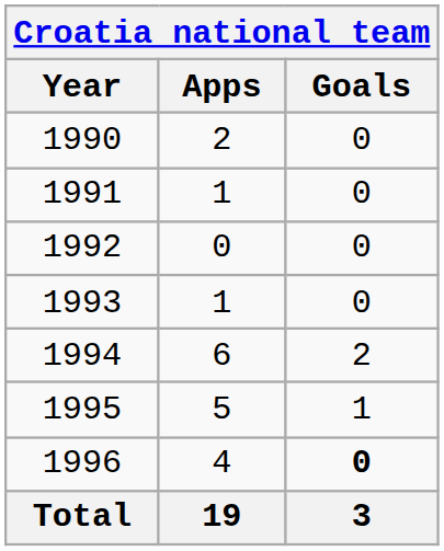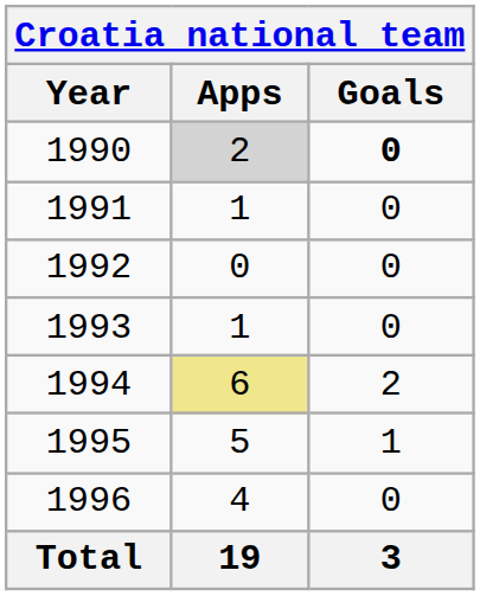 <table class="wikitable" style="text-align:center">
 <tr>
 <th colspan=3><a href='#'>Croatia national team</a></th>
 </tr>
 <tr>
 <th>Year</th>
 <th>Apps</th>
 <th>Goals</th>
 </tr>
 <tr>
 <td>1990</td>
-<td>2</td>
-<td>0</td>
+<td style="background: lightgrey;">2</td>
+<td><strong>0</strong></td>
 </tr>
 <tr>
 <td>1991</td>
 <td>1</td>
 <td>0</td>
 </tr>
 <tr>
 <td>1992</td>
 <td>0</td>
 <td>0</td>
 </tr>
 <tr>
 <td>1993</td>
 <td>1</td>
 <td>0</td>
 </tr>
 <tr>
 <td>1994</td>
-<td>6</td>
+<td style="background: khaki;">6</td>
 <td>2</td>
 </tr>
 <tr>
 <td>1995</td>
 <td>5</td>
 <td>1</td>
 </tr>
 <tr>
 <td>1996</td>
 <td>4</td>
-<td><strong>0</strong></td>
+<td>0</td>
 </tr>
 <tr>
 <th>Total</th>
 <th>19</th>
 <th>3</th>
 </tr>
 </table>
